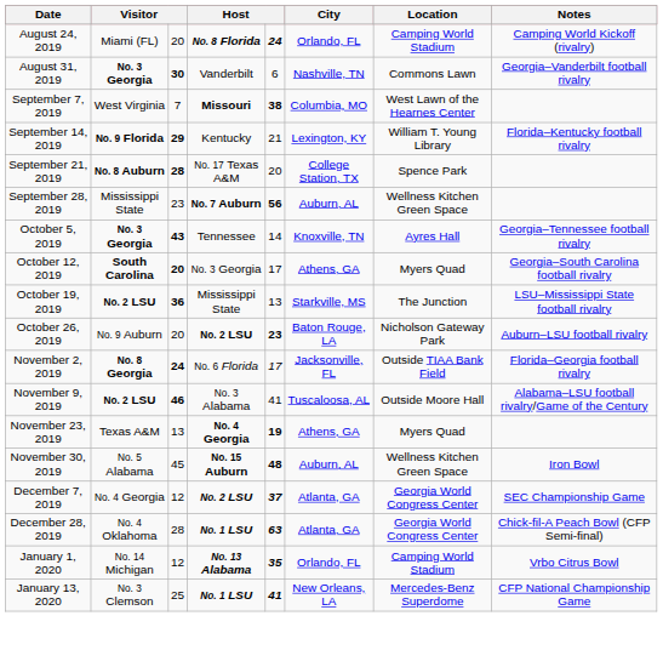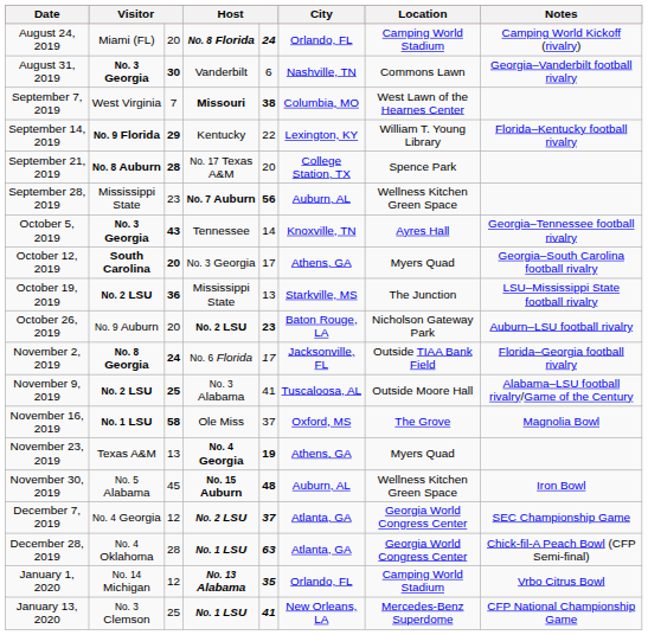 <table class="wikitable" style="text-align:center">
 <tr style="background:#A32638;"|>
 <th>Date</th>
 <th colspan=2>Visitor</th>
 <th colspan=2>Host</th>
 <th>City</th>
 <th>Location</th>
 <th>Notes</th>
 </tr>
 <tr>
 <td>August 24, 2019</td>
 <td>Miami (FL)</td>
 <td>20</td>
 <td><strong><em><small>No. 8</small> Florida</em></strong></td>
 <td><strong><em>24</em></strong></td>
 <td><a href='#'>Orlando, FL</a></td>
 <td><a href='#'>Camping World Stadium</a></td>
 <td><a href='#'>Camping World Kickoff</a> (<a href='#'>rivalry</a>)</td>
 </tr>
 <tr>
 <td>August 31, 2019</td>
 <td><strong><small>No. 3</small> Georgia</strong></td>
 <td><strong>30</strong></td>
 <td>Vanderbilt</td>
 <td>6</td>
 <td><a href='#'>Nashville, TN</a></td>
 <td>Commons Lawn</td>
 <td><a href='#'>Georgia–Vanderbilt football rivalry</a></td>
 </tr>
 <tr>
 <td>September 7, 2019</td>
 <td>West Virginia</td>
 <td>7</td>
 <td><strong>Missouri</strong></td>
 <td><strong>38</strong></td>
 <td><a href='#'>Columbia, MO</a></td>
 <td>West Lawn of the <a href='#'>Hearnes Center</a></td>
 <td></td>
 </tr>
 <tr>
 <td>September 14, 2019</td>
 <td><strong><small>No. 9</small> Florida</strong></td>
 <td><strong>29</strong></td>
 <td>Kentucky</td>
-<td>21</td>
+<td>22</td>
 <td><a href='#'>Lexington, KY</a></td>
 <td>William T. Young Library</td>
 <td><a href='#'>Florida–Kentucky football rivalry</a></td>
 </tr>
 <tr>
 <td>September 21, 2019</td>
 <td><strong><small>No. 8</small> Auburn</strong></td>
 <td><strong>28</strong></td>
 <td><small>No. 17</small> Texas A&M</td>
 <td>20</td>
 <td><a href='#'>College Station, TX</a></td>
 <td>Spence Park</td>
 <td></td>
 </tr>
 <tr>
 <td>September 28, 2019</td>
 <td>Mississippi State</td>
 <td>23</td>
 <td><strong><small>No. 7</small> Auburn</strong></td>
 <td><strong>56</strong></td>
 <td><a href='#'>Auburn, AL</a></td>
 <td>Wellness Kitchen Green Space</td>
 <td></td>
 </tr>
 <tr>
 <td>October 5, 2019</td>
 <td><strong><small>No. 3</small> Georgia</strong></td>
 <td><strong>43</strong></td>
 <td>Tennessee</td>
 <td>14</td>
 <td><a href='#'>Knoxville, TN</a></td>
 <td><a href='#'>Ayres Hall</a></td>
 <td><a href='#'>Georgia–Tennessee football rivalry</a></td>
 </tr>
 <tr>
 <td>October 12, 2019</td>
 <td><strong>South Carolina</strong></td>
 <td><strong>20</strong></td>
 <td><small>No. 3</small> Georgia</td>
 <td>17</td>
 <td><a href='#'>Athens, GA</a></td>
 <td>Myers Quad</td>
 <td><a href='#'>Georgia–South Carolina football rivalry</a></td>
 </tr>
 <tr>
 <td>October 19, 2019</td>
 <td><strong><small>No. 2</small> LSU</strong></td>
 <td><strong>36</strong></td>
 <td>Mississippi State</td>
 <td>13</td>
 <td><a href='#'>Starkville, MS</a></td>
 <td>The Junction</td>
 <td><a href='#'>LSU–Mississippi State football rivalry</a></td>
 </tr>
 <tr>
 <td>October 26, 2019</td>
 <td><small>No. 9</small> Auburn</td>
 <td>20</td>
 <td><strong><small>No. 2</small> LSU</strong></td>
 <td><strong>23</strong></td>
 <td><a href='#'>Baton Rouge, LA</a></td>
 <td>Nicholson Gateway Park</td>
 <td><a href='#'>Auburn–LSU football rivalry</a></td>
 </tr>
 <tr>
 <td>November 2, 2019</td>
 <td><strong><small>No. 8</small> Georgia</strong></td>
 <td><strong>24</strong></td>
 <td><small>No. 6</small><em> Florida</em></td>
 <td><em>17</em></td>
 <td><a href='#'>Jacksonville, FL</a></td>
 <td>Outside <a href='#'>TIAA Bank Field</a></td>
 <td><a href='#'>Florida–Georgia football rivalry</a></td>
 </tr>
 <tr>
 <td>November 9, 2019</td>
 <td><strong><small>No. 2</small> LSU</strong></td>
-<td><strong>46</strong></td>
+<td><strong>25</strong></td>
 <td><small>No. 3</small> Alabama</td>
 <td>41</td>
 <td><a href='#'>Tuscaloosa, AL</a></td>
 <td>Outside Moore Hall</td>
 <td><a href='#'>Alabama–LSU football rivalry</a>/<a href='#'>Game of the Century</a></td>
+</tr>
+<tr>
+<td>November 16, 2019</td>
+<td><strong><small>No. 1</small> LSU</strong></td>
+<td><strong>58</strong></td>
+<td>Ole Miss</td>
+<td>37</td>
+<td><a href='#'>Oxford, MS</a></td>
+<td><a href='#'>The Grove</a></td>
+<td><a href='#'>Magnolia Bowl</a></td>
 </tr>
 <tr>
 <td>November 23, 2019</td>
 <td>Texas A&M</td>
 <td>13</td>
 <td><strong><small>No. 4</small> Georgia</strong></td>
 <td><strong>19</strong></td>
 <td><a href='#'>Athens, GA</a></td>
 <td>Myers Quad</td>
 <td></td>
 </tr>
 <tr>
 <td>November 30, 2019</td>
 <td><small>No. 5</small> Alabama</td>
 <td>45</td>
 <td><strong><small>No. 15</small> Auburn</strong></td>
 <td><strong>48</strong></td>
 <td><a href='#'>Auburn, AL</a></td>
 <td>Wellness Kitchen Green Space</td>
 <td><a href='#'>Iron Bowl</a></td>
 </tr>
 <tr>
 <td>December 7, 2019</td>
 <td><small>No. 4</small> Georgia</td>
 <td>12</td>
 <td><strong><em><small>No. 2</small> LSU</em></strong></td>
 <td><strong><em>37</em></strong></td>
 <td><a href='#'>Atlanta, GA</a></td>
 <td><a href='#'>Georgia World Congress Center</a></td>
 <td><a href='#'>SEC Championship Game</a></td>
 </tr>
 <tr>
 <td>December 28, 2019</td>
 <td><small>No. 4</small> Oklahoma</td>
 <td>28</td>
 <td><strong><em><small>No. 1</small> LSU</em></strong></td>
 <td><strong><em>63</em></strong></td>
 <td><a href='#'>Atlanta, GA</a></td>
 <td><a href='#'>Georgia World Congress Center</a></td>
 <td><a href='#'>Chick-fil-A Peach Bowl</a> (CFP Semi-final)</td>
 </tr>
 <tr>
 <td>January 1, 2020</td>
 <td><small>No. 14</small> Michigan</td>
 <td>12</td>
 <td><strong><em><small>No. 13</small> Alabama</em></strong></td>
 <td><strong><em>35</em></strong></td>
 <td><a href='#'>Orlando, FL</a></td>
 <td><a href='#'>Camping World Stadium</a></td>
 <td><a href='#'>Vrbo Citrus Bowl</a></td>
 </tr>
 <tr>
 <td>January 13, 2020</td>
 <td><small>No. 3</small> Clemson</td>
 <td>25</td>
 <td><strong><em><small>No. 1</small> LSU</em></strong></td>
 <td><strong><em>41</em></strong></td>
 <td><a href='#'>New Orleans, LA</a></td>
 <td><a href='#'>Mercedes-Benz Superdome</a></td>
 <td><a href='#'>CFP National Championship Game</a></td>
 </tr>
 </table>
